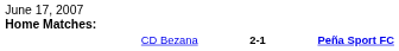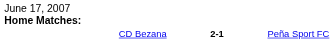 <table width=100% cellspacing=1>
 <tr>
 <th width=20%></th>
 <th width=12%></th>
 <th width=20%></th>
 <th></th>
 </tr>
 <tr>
 <td>June 17, 2007<br><strong>Home Matches:</strong></td>
 </tr>
 <tr style=font-size:90%>
 <td align=right><a href='#'>CD Bezana</a></td>
 <td align=center><strong>2-1</strong></td>
-<td><strong><a href='#'>Peña Sport FC</a></strong></td>
+<td><a href='#'>Peña Sport FC</a></td>
 </tr>
 </table>
